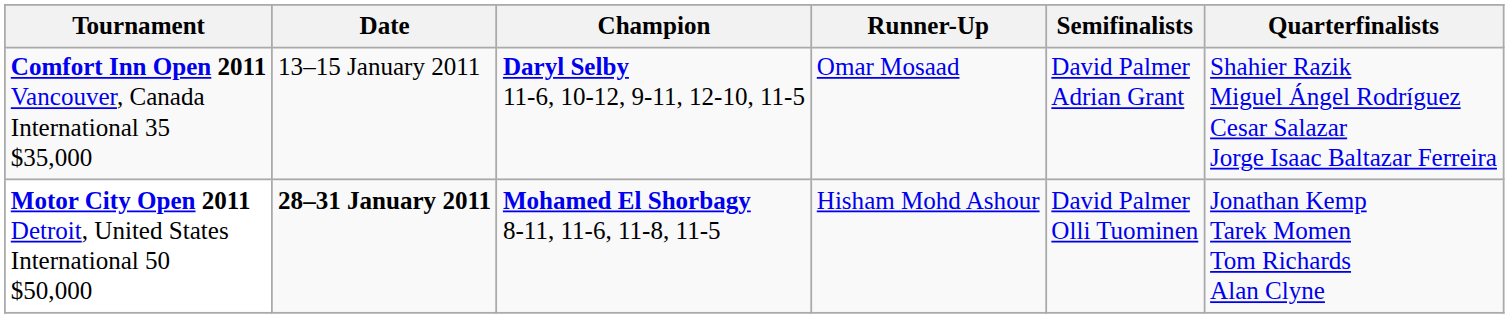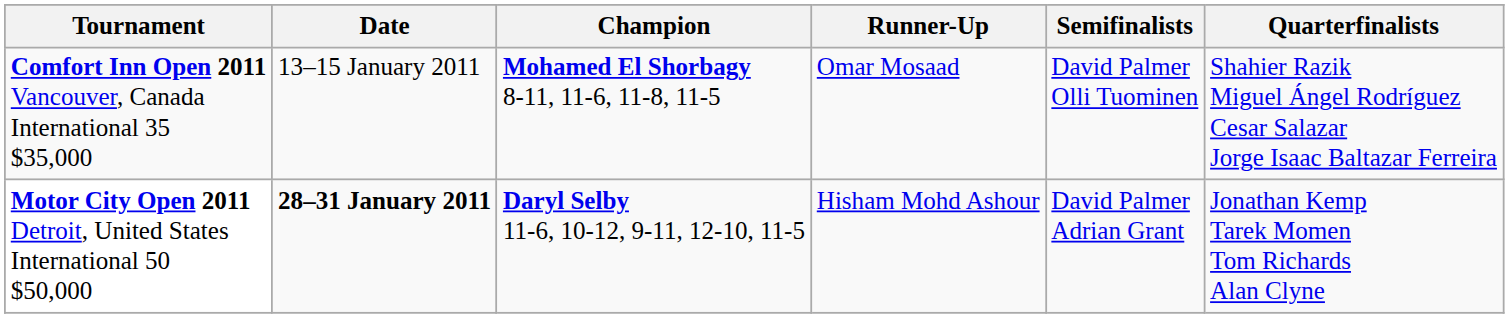 <table class="wikitable" style="font-size:88%">
 <tr>
 <th>Tournament</th>
 <th>Date</th>
 <th>Champion</th>
 <th>Runner-Up</th>
 <th>Semifinalists</th>
 <th>Quarterfinalists</th>
 </tr>
 <tr valign=top>
 <td><strong><a href='#'>Comfort Inn Open</a> 2011</strong><br> <a href='#'>Vancouver</a>, Canada<br>International 35<br>$35,000</td>
 <td>13–15 January 2011</td>
-<td> <strong><a href='#'>Daryl Selby</a></strong><br>11-6, 10-12, 9-11, 12-10, 11-5</td>
+<td> <strong><a href='#'>Mohamed El Shorbagy</a></strong><br>8-11, 11-6, 11-8, 11-5</td>
 <td> <a href='#'>Omar Mosaad</a></td>
-<td> <a href='#'>David Palmer</a><br> <a href='#'>Adrian Grant</a></td>
+<td> <a href='#'>David Palmer</a><br> <a href='#'>Olli Tuominen</a></td>
 <td> <a href='#'>Shahier Razik</a><br> <a href='#'>Miguel Ángel Rodríguez</a><br> <a href='#'>Cesar Salazar</a><br> <a href='#'>Jorge Isaac Baltazar Ferreira</a></td>
 </tr>
 <tr valign=top>
 <td style="background:#fff;"><strong><a href='#'>Motor City Open</a> 2011</strong><br> <a href='#'>Detroit</a>, United States<br>International 50<br>$50,000</td>
 <td><strong>28–31 January 2011</strong></td>
-<td> <strong><a href='#'>Mohamed El Shorbagy</a></strong><br>8-11, 11-6, 11-8, 11-5</td>
+<td> <strong><a href='#'>Daryl Selby</a></strong><br>11-6, 10-12, 9-11, 12-10, 11-5</td>
 <td> <a href='#'>Hisham Mohd Ashour</a></td>
-<td> <a href='#'>David Palmer</a><br> <a href='#'>Olli Tuominen</a></td>
+<td> <a href='#'>David Palmer</a><br> <a href='#'>Adrian Grant</a></td>
 <td> <a href='#'>Jonathan Kemp</a><br> <a href='#'>Tarek Momen</a><br> <a href='#'>Tom Richards</a><br> <a href='#'>Alan Clyne</a></td>
 </tr>
 </table>
